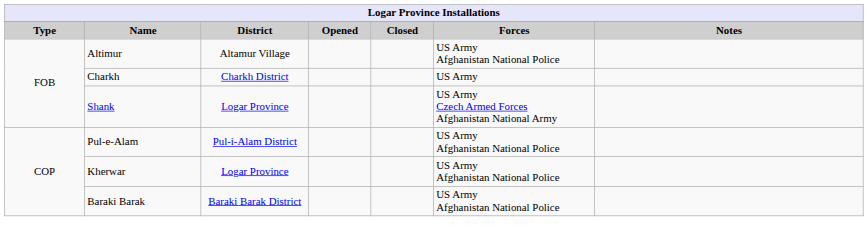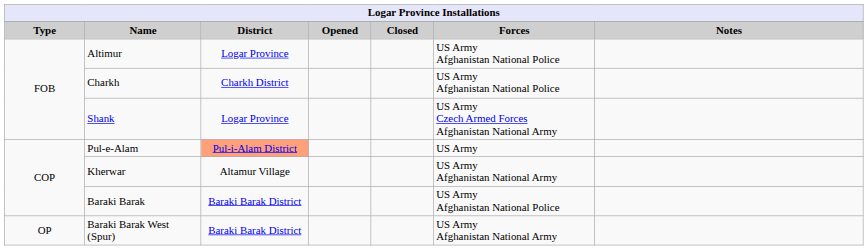 <table class="wikitable sortable" width="100%">
 <tr>
 <th style="align: center; background: lavender" colspan="7"><strong>Logar Province Installations</strong></th>
 </tr>
 <tr style="background:#efefef; color:black">
 </tr>
 <tr>
 <th style="background-color:#cfcfcf;" align="center" width="9%" align="center">Type</th>
 <th style="background-color:#cfcfcf;" align="center" width="13%">Name</th>
 <th style="background-color:#cfcfcf;" align="center" width="12%">District</th>
 <th style="background-color:#cfcfcf;" align="center" width="7%">Opened</th>
 <th style="background-color:#cfcfcf;" align="center" width="7%">Closed</th>
 <th style="background-color:#cfcfcf;" align="center" width="18%" class="unsortable">Forces</th>
 <th style="background-color:#cfcfcf;" align="center" width="30%" class="unsortable">Notes</th>
 </tr>
 <tr>
 <td rowspan="3" align="center">FOB</td>
 <td>Altimur</td>
-<td align="center">Altamur Village</td>
+<td align="center"><a href='#'>Logar Province</a></td>
 <td align="center"></td>
 <td align="center"></td>
 <td> US Army<br> Afghanistan National Police</td>
 <td></td>
 </tr>
 <tr>
 <td>Charkh</td>
 <td align="center"><a href='#'>Charkh District</a></td>
 <td align="center"></td>
 <td align="center"> </td>
-<td> US Army</td>
+<td> US Army<br> Afghanistan National Police</td>
 <td></td>
 </tr>
 <tr>
 <td><a href='#'>Shank</a></td>
 <td align="center"><a href='#'>Logar Province</a></td>
 <td align="center"></td>
 <td align="center"></td>
 <td> US Army<br> <a href='#'>Czech Armed Forces</a> <br> Afghanistan National Army</td>
 <td></td>
 </tr>
 <tr>
 <td rowspan="3" align="center">COP</td>
 <td>Pul-e-Alam</td>
-<td align="center"><a href='#'>Pul-i-Alam District</a></td>
+<td align="center" style="background: lightsalmon;"><a href='#'>Pul-i-Alam District</a></td>
 <td align="center"></td>
 <td align="center"> </td>
-<td> US Army<br> Afghanistan National Police</td>
+<td> US Army</td>
 <td></td>
 </tr>
 <tr>
 <td>Kherwar</td>
-<td align="center"><a href='#'>Logar Province</a></td>
+<td align="center">Altamur Village</td>
 <td align="center"></td>
 <td align="center"></td>
-<td> US Army <br>  Afghanistan National Police</td>
+<td> US Army<br> Afghanistan National Army</td>
 <td></td>
 </tr>
 <tr>
 <td>Baraki Barak</td>
 <td align="center"><a href='#'>Baraki Barak District</a></td>
 <td align="center"></td>
 <td align="center"> </td>
 <td> US Army <br>  Afghanistan National Police</td>
 <td></td>
 </tr>
+<tr>
+<td rowspan="1" align="center">OP</td>
+<td>Baraki Barak West (Spur)</td>
+<td align="center"><a href='#'>Baraki Barak District</a></td>
+<td align="center"></td>
+<td align="center"></td>
+<td> US Army <br>  Afghanistan National Army</td>
+<td></td>
+</tr>
 </table>
